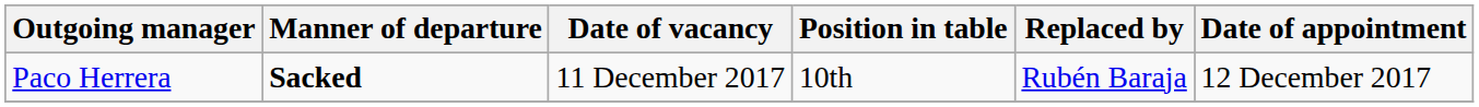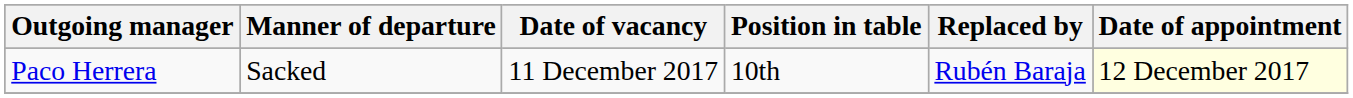 <table class="wikitable sortable">
 <tr>
 <th>Outgoing manager</th>
 <th>Manner of departure</th>
 <th>Date of vacancy</th>
 <th>Position in table</th>
 <th>Replaced by</th>
 <th>Date of appointment</th>
 </tr>
 <tr>
 <td> <a href='#'>Paco Herrera</a></td>
-<td><strong>Sacked</strong></td>
+<td>Sacked</td>
 <td>11 December 2017</td>
 <td>10th</td>
 <td> <a href='#'>Rubén Baraja</a></td>
-<td>12 December 2017</td>
+<td style="background: lightyellow;">12 December 2017</td>
 </tr>
 <tr>
 </tr>
 </table>
